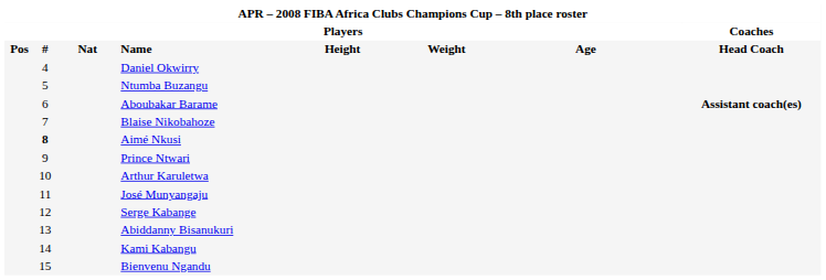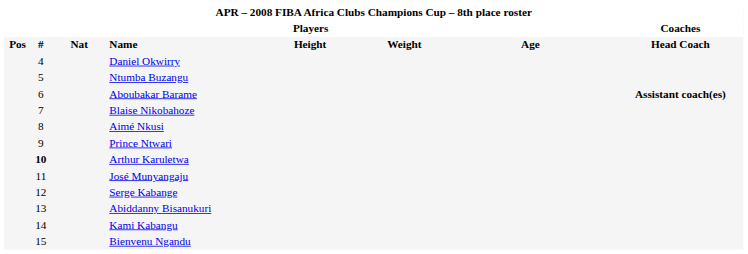 <table border=0 cellpadding=2 cellspacing=0  |- bgcolor=#f5f5f5 style="text-align:center; font-size:90%;" width=75%>
 <tr>
 <td colspan="8" style="background: white; color: black"><strong>APR – 2008 FIBA Africa Clubs Champions Cup – 8th place roster</strong></td>
 </tr>
 <tr>
 <td colspan="7" style="background: white; color: black"><strong>Players</strong></td>
 <td style="background: white; color: black"><strong>Coaches</strong></td>
 </tr>
 <tr style="background=#f5f5f5; color: black">
 <th width=5px>Pos</th>
 <th width=5px>#</th>
 <th width=50px>Nat</th>
 <th width=135px align=left>Name</th>
 <th width=100px>Height</th>
 <th width=70px>Weight</th>
 <th width=160px>Age</th>
 <th width=115px>Head Coach</th>
 </tr>
 <tr>
 <td></td>
 <td>4</td>
 <td></td>
 <td align=left><a href='#'>Daniel Okwirry</a></td>
 <td></td>
 <td></td>
 <td><span></span></td>
 <td align=left></td>
 </tr>
 <tr>
 <td></td>
 <td>5</td>
 <td></td>
 <td align=left><a href='#'>Ntumba Buzangu</a></td>
 <td></td>
 <td></td>
 <td><span></span></td>
 </tr>
 <tr>
 <td></td>
 <td>6</td>
 <td></td>
 <td align=left><a href='#'>Aboubakar Barame</a></td>
 <td></td>
 <td></td>
 <td><span></span></td>
 <td><strong>Assistant coach(es)</strong></td>
 </tr>
 <tr>
 <td></td>
 <td>7</td>
 <td></td>
 <td align=left><a href='#'>Blaise Nikobahoze</a></td>
 <td></td>
 <td></td>
 <td><span></span></td>
 </tr>
 <tr>
 <td></td>
-<td><strong>8</strong></td>
+<td>8</td>
 <td></td>
 <td align=left><a href='#'>Aimé Nkusi</a></td>
 <td></td>
 <td></td>
 <td><span></span></td>
 <td align=left></td>
 </tr>
 <tr>
 <td></td>
 <td>9</td>
 <td></td>
 <td align=left><a href='#'>Prince Ntwari</a></td>
 <td></td>
 <td></td>
 <td><span></span></td>
 <td align=left></td>
 </tr>
 <tr>
 <td></td>
-<td>10</td>
+<td><strong>10</strong></td>
 <td></td>
 <td align=left><a href='#'>Arthur Karuletwa</a></td>
 <td></td>
 <td></td>
 <td><span></span></td>
 </tr>
 <tr>
 <td></td>
 <td>11</td>
 <td></td>
 <td align=left><a href='#'>José Munyangaju</a></td>
 <td></td>
 <td></td>
 <td><span></span></td>
 </tr>
 <tr>
 <td></td>
 <td>12</td>
 <td></td>
 <td align=left><a href='#'>Serge Kabange</a></td>
 <td></td>
 <td></td>
 <td><span></span></td>
 </tr>
 <tr>
 <td></td>
 <td>13</td>
 <td></td>
 <td align=left><a href='#'>Abiddanny Bisanukuri</a></td>
 <td></td>
 <td></td>
 <td><span></span></td>
 </tr>
 <tr>
 <td></td>
 <td>14</td>
 <td></td>
 <td align=left><a href='#'>Kami Kabangu</a></td>
 <td></td>
 <td></td>
 <td><span></span></td>
 </tr>
 <tr>
 <td></td>
 <td>15</td>
 <td></td>
 <td align=left><a href='#'>Bienvenu Ngandu</a></td>
 <td></td>
 <td></td>
 <td><span></span></td>
 </tr>
 </table>
